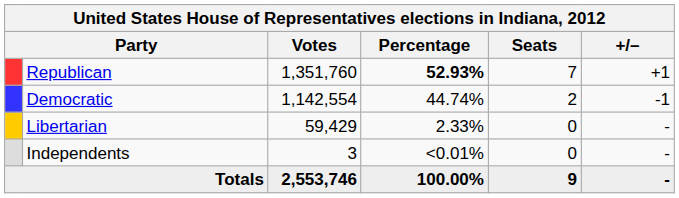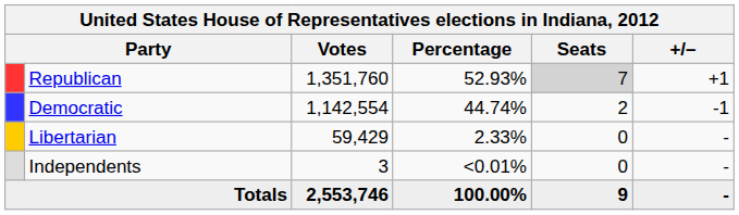 <table class="wikitable" style="font-size: 95%;">
 <tr>
 <th colspan="6">United States House of Representatives elections in Indiana, 2012</th>
 </tr>
 <tr>
 <th colspan=2 style="width: 15em">Party</th>
 <th style="width: 5em">Votes</th>
 <th style="width: 7em">Percentage</th>
 <th style="width: 5em">Seats</th>
 <th style="width: 5em">+/–</th>
 </tr>
 <tr>
 <th style="background:#f33; width:3px;"></th>
 <td style="width: 130px"><a href='#'>Republican</a></td>
 <td style="text-align:right;">1,351,760</td>
-<td style="text-align:right;"><strong>52.93%</strong></td>
-<td style="text-align:right;">7</td>
+<td style="text-align:right;">52.93%</td>
+<td style="background: lightgrey; text-align:right;">7</td>
 <td style="text-align:right;">+1</td>
 </tr>
 <tr>
 <th style="background:#33f; width:3px;"></th>
 <td style="width: 130px"><a href='#'>Democratic</a></td>
 <td style="text-align:right;">1,142,554</td>
 <td style="text-align:right;">44.74%</td>
 <td style="text-align:right;">2</td>
 <td style="text-align:right;">-1</td>
 </tr>
 <tr>
 <th style="background:#fc0; width:3px;"></th>
 <td style="width: 130px"><a href='#'>Libertarian</a></td>
 <td style="text-align:right;">59,429</td>
 <td style="text-align:right;">2.33%</td>
 <td style="text-align:right;">0</td>
 <td style="text-align:right;">-</td>
 </tr>
 <tr>
 <th style="background:#ddd; width:3px;"></th>
 <td style="width: 130px">Independents</td>
 <td style="text-align:right;">3</td>
 <td style="text-align:right;"><0.01%</td>
 <td style="text-align:right;">0</td>
 <td style="text-align:right;">-</td>
 </tr>
 <tr style="background:#eee; text-align:right;">
 <td colspan="2"><strong>Totals</strong></td>
 <td><strong>2,553,746</strong></td>
 <td><strong>100.00%</strong></td>
 <td><strong>9</strong></td>
 <td><strong>-</strong></td>
 </tr>
 </table>
